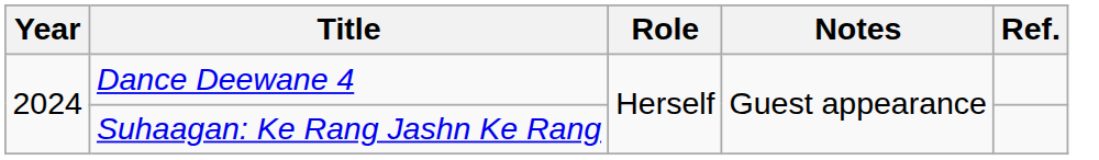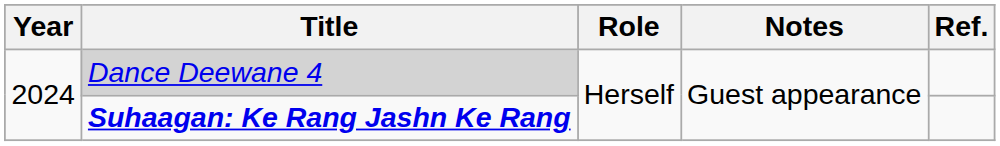 <table class="wikitable sortable">
 <tr>
 <th>Year</th>
 <th>Title</th>
 <th>Role</th>
 <th>Notes</th>
 <th>Ref.</th>
 </tr>
 <tr>
 <td rowspan="2">2024</td>
-<td><em><a href='#'>Dance Deewane 4</a></em></td>
+<td style="background: lightgrey;"><em><a href='#'>Dance Deewane 4</a></em></td>
 <td rowspan="2">Herself</td>
 <td rowspan="2">Guest appearance</td>
 <td></td>
 </tr>
 <tr>
-<td><em><a href='#'>Suhaagan: Ke Rang Jashn Ke Rang</a></em></td>
+<td><strong><em><a href='#'>Suhaagan: Ke Rang Jashn Ke Rang</a></em></strong></td>
 <td></td>
 </tr>
 </table>
